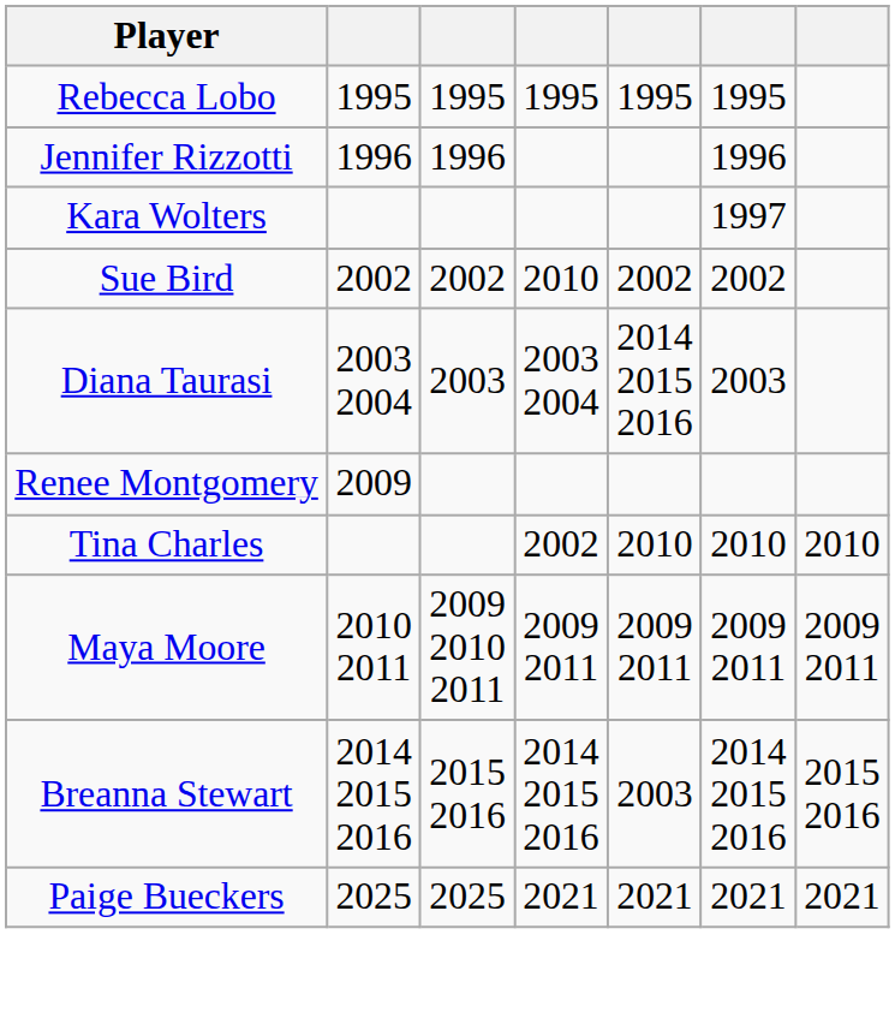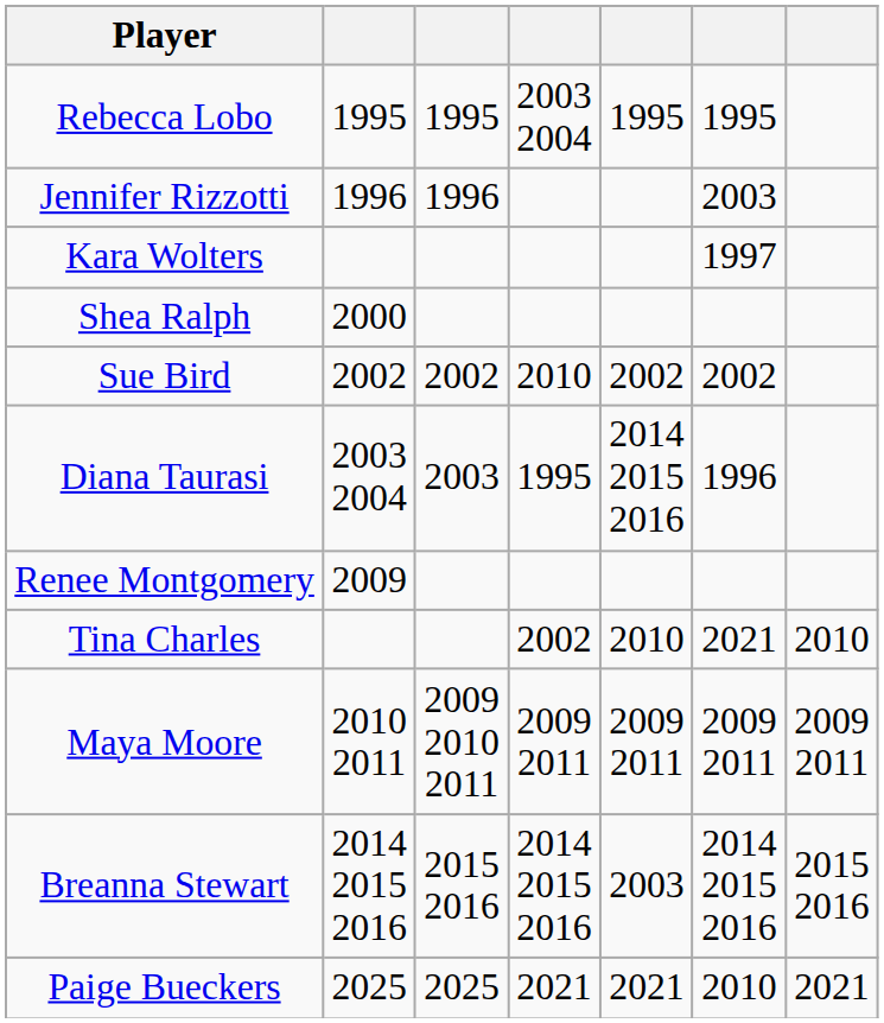 <table class="wikitable" style="text-align:center">
 <tr>
 <th width=px>Player</th>
 <th width=px><a href='#'></a><br></th>
 <th width=px><a href='#'></a><br></th>
 <th width=px><a href='#'></a><br></th>
 <th width=px><a href='#'></a><br></th>
 <th width=px><a href='#'></a> <br></th>
 <th width=px><a href='#'></a> <br></th>
 </tr>
 <tr>
 <td><a href='#'>Rebecca Lobo</a></td>
 <td>1995</td>
 <td>1995</td>
-<td>1995</td>
+<td>2003 <br> 2004</td>
 <td>1995</td>
 <td>1995</td>
 <td></td>
 </tr>
 <tr>
 <td><a href='#'>Jennifer Rizzotti</a></td>
 <td>1996</td>
 <td>1996</td>
 <td></td>
 <td></td>
-<td>1996</td>
+<td>2003</td>
 <td></td>
 </tr>
 <tr>
 <td><a href='#'>Kara Wolters</a></td>
 <td></td>
 <td></td>
 <td></td>
 <td></td>
 <td>1997</td>
+<td></td>
+</tr>
+<tr>
+<td><a href='#'>Shea Ralph</a></td>
+<td>2000</td>
+<td></td>
+<td></td>
+<td></td>
+<td></td>
 <td></td>
 </tr>
 <tr>
 <td><a href='#'>Sue Bird</a></td>
 <td>2002</td>
 <td>2002</td>
 <td>2010</td>
 <td>2002</td>
 <td>2002</td>
 <td></td>
 </tr>
 <tr>
 <td><a href='#'>Diana Taurasi</a></td>
 <td>2003 <br> 2004</td>
 <td>2003</td>
-<td>2003 <br> 2004</td>
+<td>1995</td>
 <td>2014 <br> 2015 <br> 2016</td>
-<td>2003</td>
+<td>1996</td>
 <td></td>
 </tr>
 <tr>
 <td><a href='#'>Renee Montgomery</a></td>
 <td>2009</td>
 <td></td>
 <td></td>
 <td></td>
 <td></td>
 <td></td>
 </tr>
 <tr>
 <td><a href='#'>Tina Charles</a></td>
 <td></td>
 <td></td>
 <td>2002</td>
 <td>2010</td>
-<td>2010</td>
+<td>2021</td>
 <td>2010</td>
 </tr>
 <tr>
 <td><a href='#'>Maya Moore</a></td>
 <td>2010 <br> 2011</td>
 <td>2009 <br> 2010 <br> 2011</td>
 <td>2009 <br> 2011</td>
 <td>2009 <br> 2011</td>
 <td>2009 <br> 2011</td>
 <td>2009 <br> 2011</td>
 </tr>
 <tr>
 <td><a href='#'>Breanna Stewart</a></td>
 <td>2014 <br> 2015 <br> 2016</td>
 <td>2015 <br> 2016</td>
 <td>2014 <br> 2015 <br> 2016</td>
 <td>2003</td>
 <td>2014 <br> 2015 <br> 2016</td>
 <td>2015 <br> 2016</td>
 </tr>
 <tr>
 <td><a href='#'>Paige Bueckers</a></td>
 <td>2025</td>
 <td>2025</td>
 <td>2021</td>
 <td>2021</td>
-<td>2021</td>
+<td>2010</td>
 <td>2021</td>
 </tr>
 </table>
